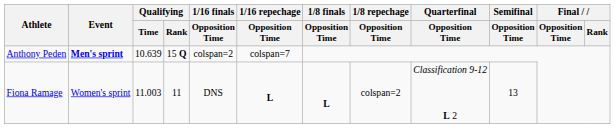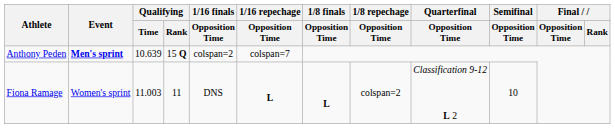 <table class=wikitable style=font-size:90%;text-align:center>
 <tr>
 <th rowspan=2>Athlete</th>
 <th rowspan=2>Event</th>
 <th colspan=2>Qualifying</th>
 <th>1/16 finals</th>
 <th>1/16 repechage</th>
 <th>1/8 finals</th>
 <th>1/8 repechage</th>
 <th>Quarterfinal</th>
 <th>Semifinal</th>
 <th colspan=2>Final /  / </th>
 </tr>
 <tr style=font-size:95%>
 <th>Time</th>
 <th>Rank</th>
 <th>Opposition<br>Time</th>
 <th>Opposition<br>Time</th>
 <th>Opposition<br>Time</th>
 <th>Opposition<br>Time</th>
 <th>Opposition<br>Time</th>
 <th>Opposition<br>Time</th>
 <th>Opposition<br>Time</th>
 <th>Rank</th>
 </tr>
 <tr>
 <td align=left><a href='#'>Anthony Peden</a></td>
 <td align=left><strong><a href='#'>Men's sprint</a></strong></td>
 <td>10.639</td>
 <td>15 <strong>Q</strong></td>
 <td>colspan=2 </td>
 <td>colspan=7 </td>
 </tr>
 <tr>
 <td align=left><a href='#'>Fiona Ramage</a></td>
 <td align=left><a href='#'>Women's sprint</a></td>
 <td>11.003</td>
 <td>11</td>
 <td>DNS</td>
 <td><br><strong>L</strong></td>
 <td><br><br><strong>L</strong></td>
 <td>colspan=2 </td>
 <td><em>Classification 9-12</em><br><br><br><br><strong>L</strong> 2</td>
-<td>13</td>
+<td>10</td>
 </tr>
 </table>
